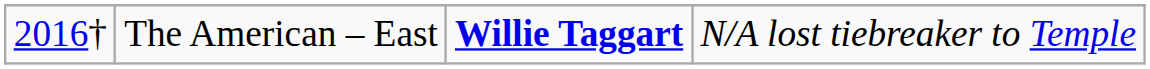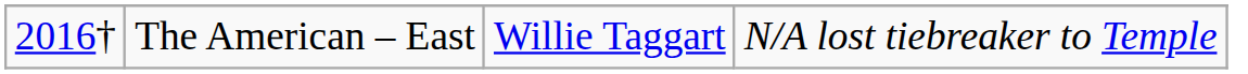 <table class="wikitable">
 <tr>
 </tr>
 <tr>
 <td><a href='#'>2016</a>†</td>
 <td>The American – East</td>
-<td><strong><a href='#'>Willie Taggart</a></strong></td>
+<td><a href='#'>Willie Taggart</a></td>
 <td colspan=2><em>N/A lost tiebreaker to <a href='#'>Temple</a></em></td>
 </tr>
 </table>
